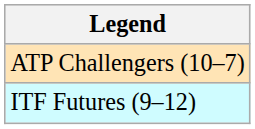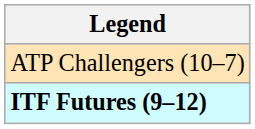 <table class=wikitable style=font-size:97%>
 <tr>
 <th>Legend</th>
 </tr>
 <tr bgcolor=moccasin>
 <td>ATP Challengers (10–7)</td>
 </tr>
 <tr bgcolor=cffcff>
-<td>ITF Futures (9–12)</td>
+<td><strong>ITF Futures (9–12)</strong></td>
 </tr>
 </table>
